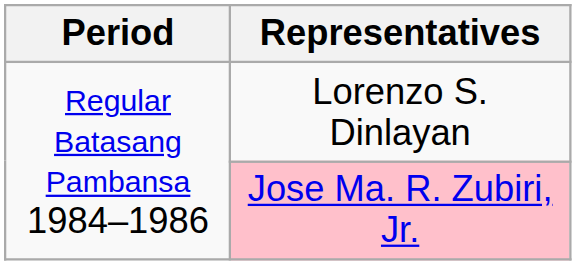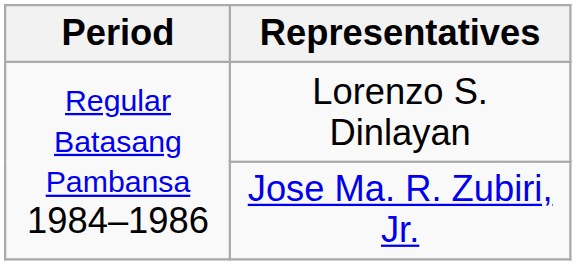 <table class="wikitable" style="text-align:center; width:40%;">
 <tr>
 <th width="40%">Period</th>
 <th>Representatives</th>
 </tr>
 <tr>
 <td rowspan="2"><small><a href='#'>Regular Batasang Pambansa</a></small><br>1984–1986</td>
 <td>Lorenzo S. Dinlayan</td>
 </tr>
 <tr>
-<td style="background: pink;"><a href='#'>Jose Ma. R. Zubiri, Jr.</a></td>
+<td><a href='#'>Jose Ma. R. Zubiri, Jr.</a></td>
 </tr>
 </table>
